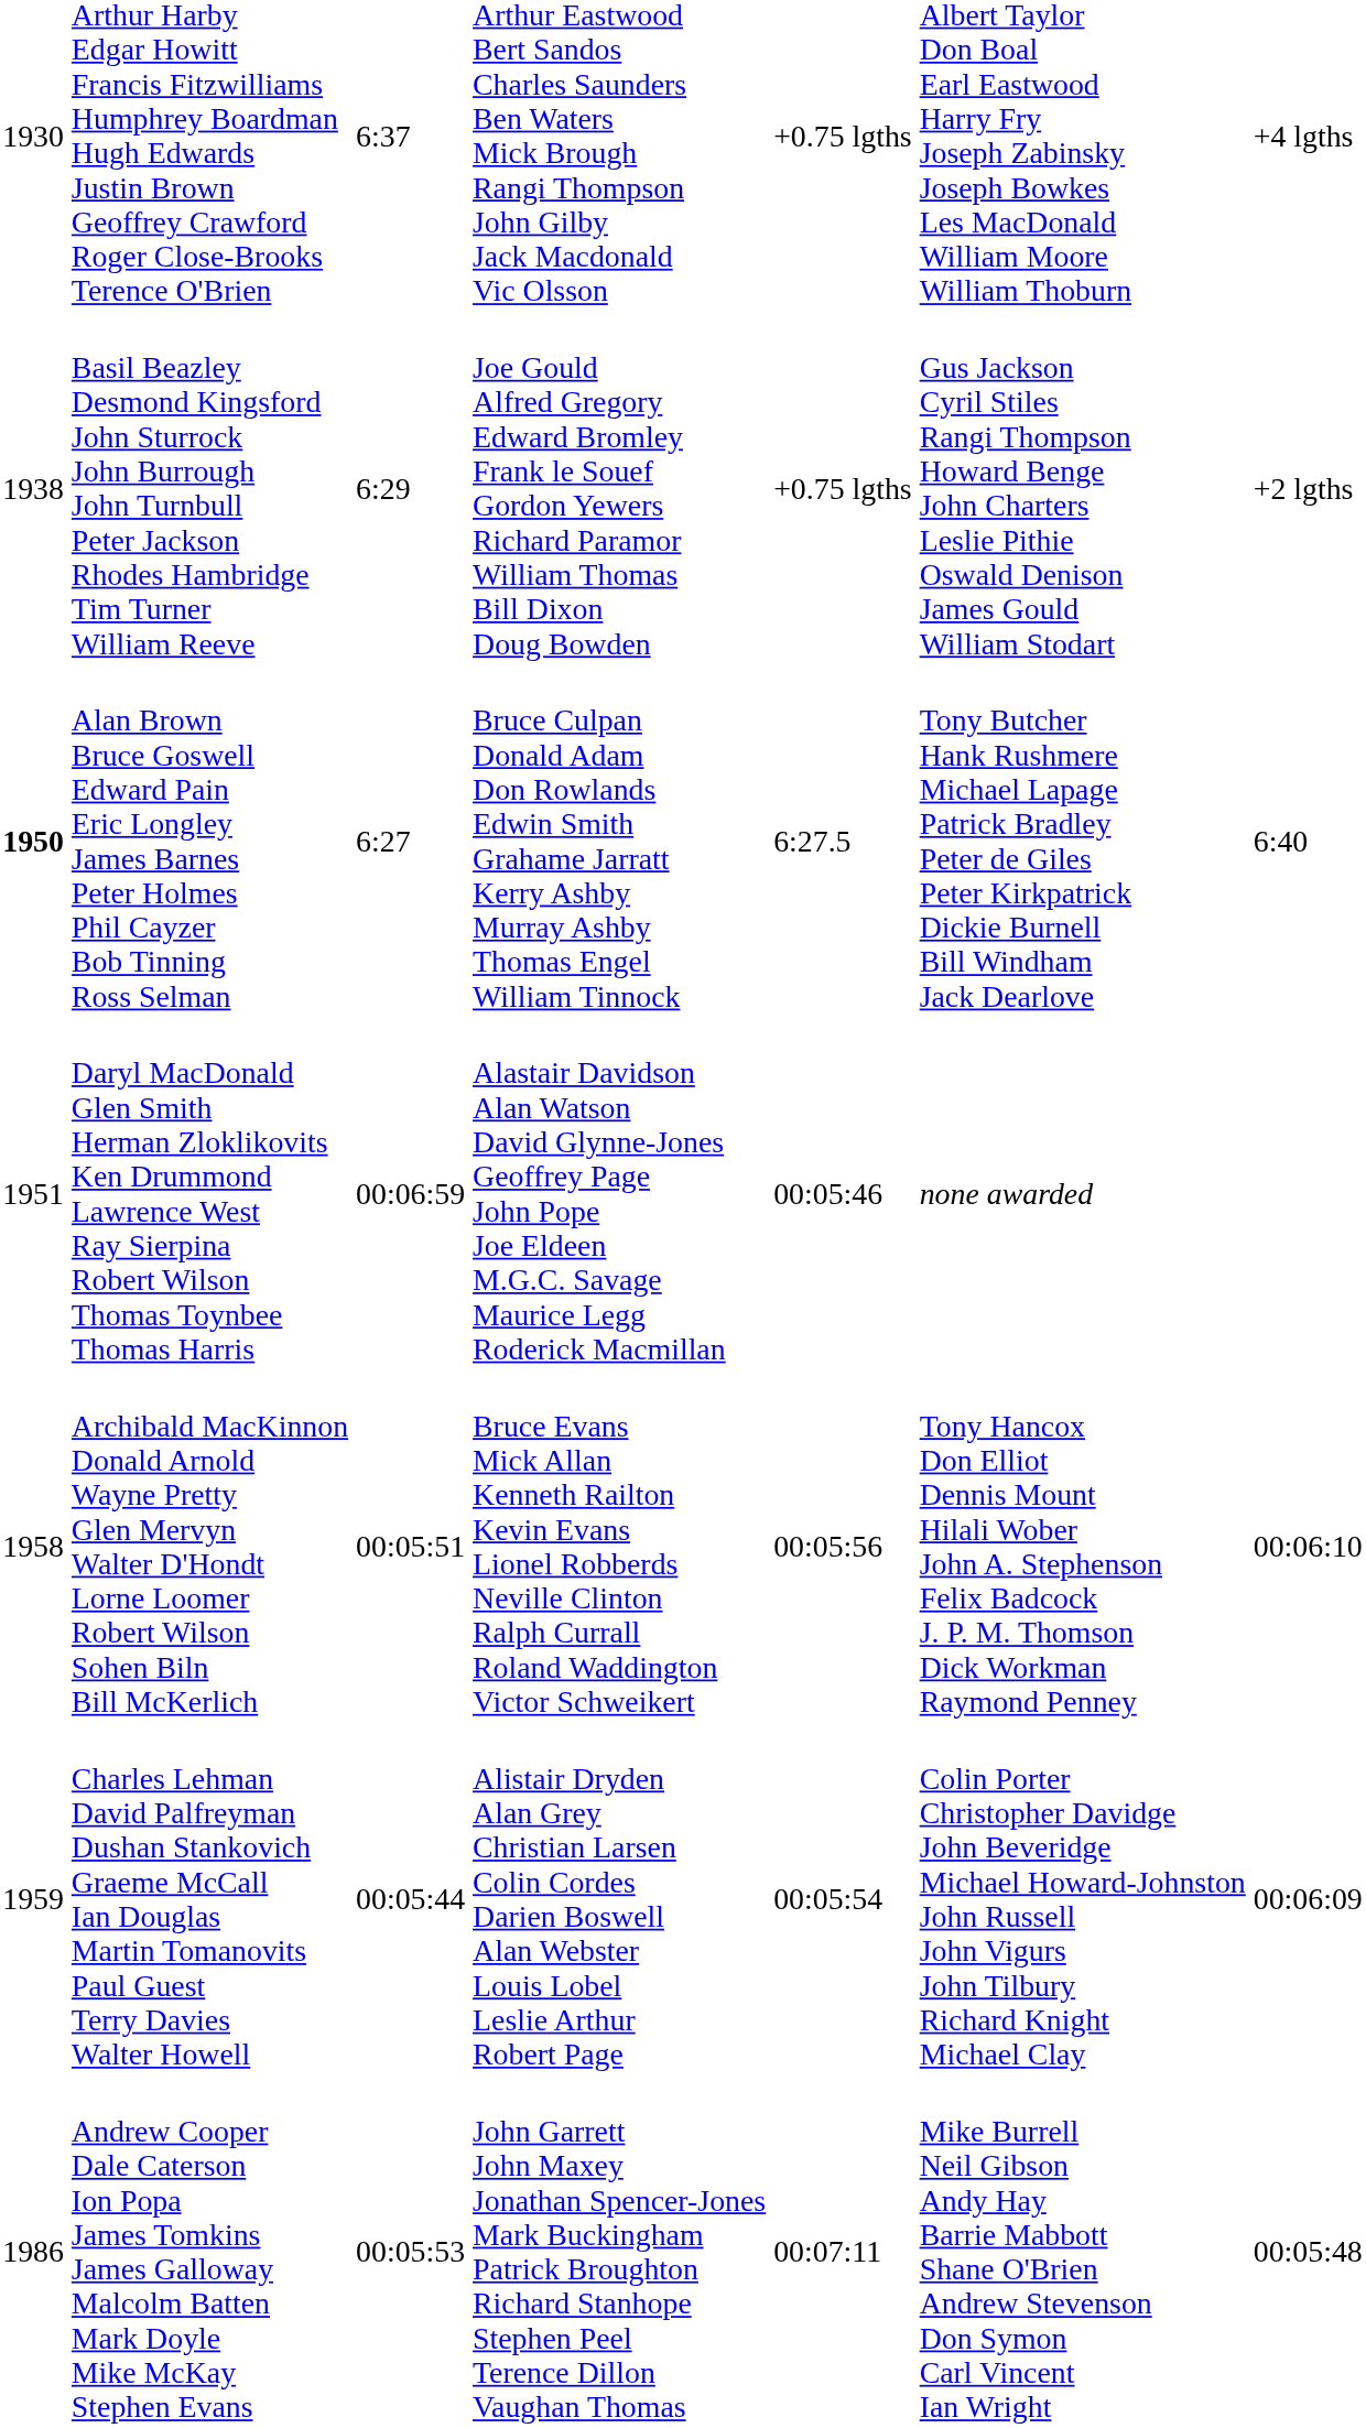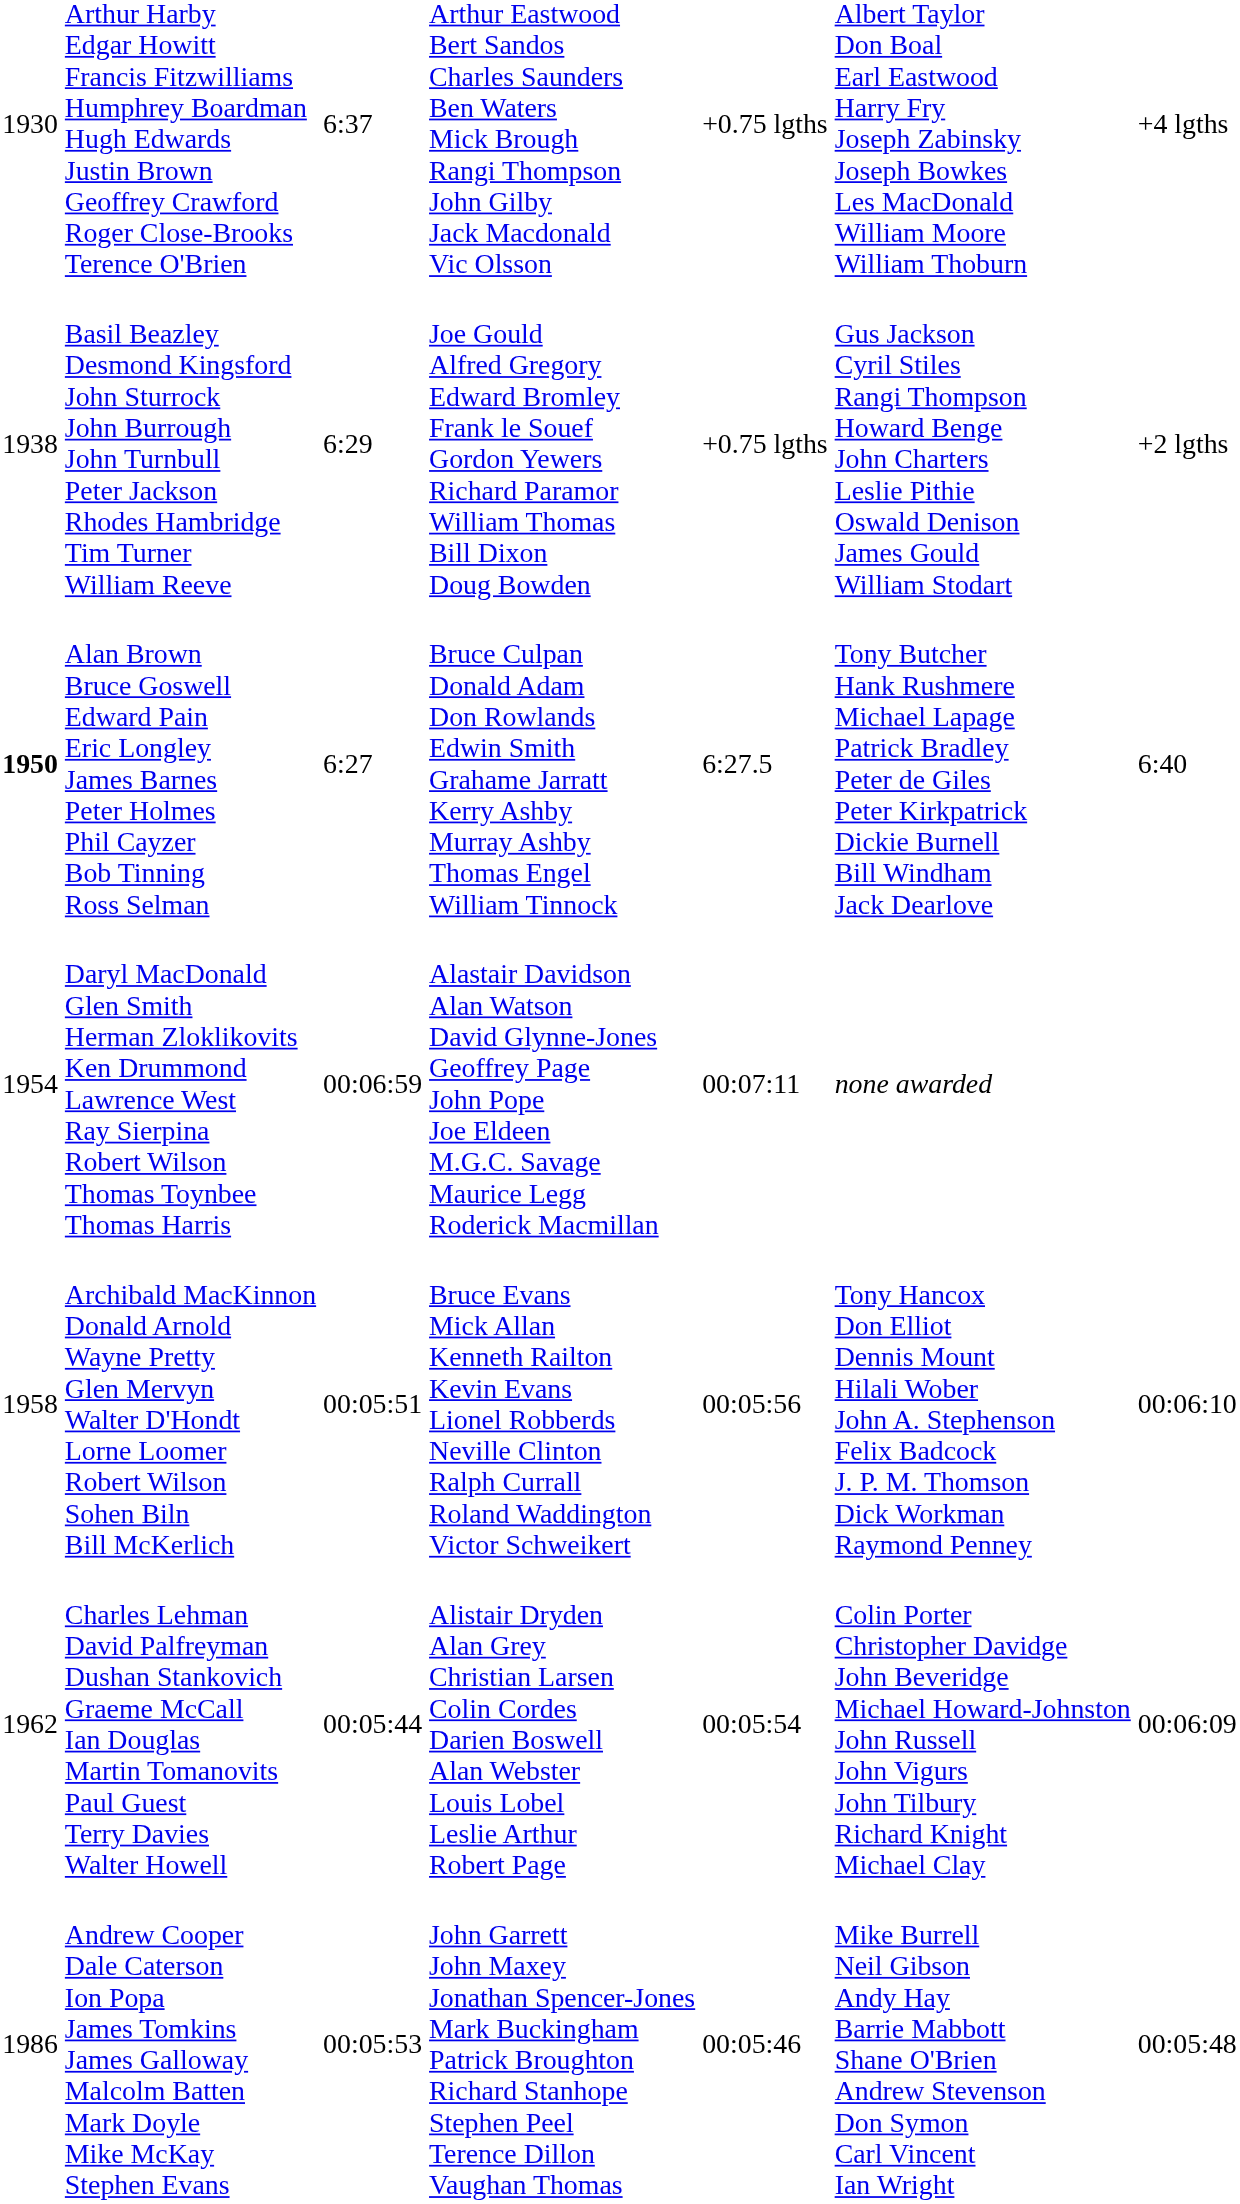 <table>
 <tr>
 <td>1930</td>
 <td><br><a href='#'>Arthur Harby</a><br><a href='#'>Edgar Howitt</a><br><a href='#'>Francis Fitzwilliams</a><br><a href='#'>Humphrey Boardman</a><br><a href='#'>Hugh Edwards</a><br><a href='#'>Justin Brown</a><br><a href='#'>Geoffrey Crawford</a><br><a href='#'>Roger Close-Brooks</a><br><a href='#'>Terence O'Brien</a></td>
 <td>6:37</td>
 <td><br><a href='#'>Arthur Eastwood</a><br><a href='#'>Bert Sandos</a><br><a href='#'>Charles Saunders</a><br><a href='#'>Ben Waters</a><br><a href='#'>Mick Brough</a><br><a href='#'>Rangi Thompson</a><br><a href='#'>John Gilby</a><br><a href='#'>Jack Macdonald</a><br><a href='#'>Vic Olsson</a></td>
 <td>+0.75 lgths</td>
 <td><br><a href='#'>Albert Taylor</a><br><a href='#'>Don Boal</a><br><a href='#'>Earl Eastwood</a><br><a href='#'>Harry Fry</a><br><a href='#'>Joseph Zabinsky</a><br><a href='#'>Joseph Bowkes</a><br><a href='#'>Les MacDonald</a><br><a href='#'>William Moore</a><br><a href='#'>William Thoburn</a></td>
 <td>+4 lgths</td>
 </tr>
 <tr>
 <td>1938</td>
 <td><br><a href='#'>Basil Beazley</a><br><a href='#'>Desmond Kingsford</a><br><a href='#'>John Sturrock</a><br><a href='#'>John Burrough</a><br><a href='#'>John Turnbull</a><br><a href='#'>Peter Jackson</a><br><a href='#'>Rhodes Hambridge</a><br><a href='#'>Tim Turner</a><br><a href='#'>William Reeve</a></td>
 <td>6:29</td>
 <td><br><a href='#'>Joe Gould</a><br><a href='#'>Alfred Gregory</a><br><a href='#'>Edward Bromley</a><br><a href='#'>Frank le Souef</a><br><a href='#'>Gordon Yewers</a><br><a href='#'>Richard Paramor</a><br><a href='#'>William Thomas</a><br><a href='#'>Bill Dixon</a><br><a href='#'>Doug Bowden</a></td>
 <td>+0.75 lgths</td>
 <td><br><a href='#'>Gus Jackson</a><br><a href='#'>Cyril Stiles</a><br><a href='#'>Rangi Thompson</a><br><a href='#'>Howard Benge</a><br><a href='#'>John Charters</a><br><a href='#'>Leslie Pithie</a><br><a href='#'>Oswald Denison</a><br><a href='#'>James Gould</a><br><a href='#'>William Stodart</a></td>
 <td>+2 lgths</td>
 </tr>
 <tr>
 <td><strong>1950</strong></td>
 <td><br><a href='#'>Alan Brown</a><br><a href='#'>Bruce Goswell</a><br><a href='#'>Edward Pain</a><br><a href='#'>Eric Longley</a><br><a href='#'>James Barnes</a><br><a href='#'>Peter Holmes</a><br><a href='#'>Phil Cayzer</a><br><a href='#'>Bob Tinning</a><br><a href='#'>Ross Selman</a></td>
 <td>6:27</td>
 <td><br><a href='#'>Bruce Culpan</a><br><a href='#'>Donald Adam</a><br><a href='#'>Don Rowlands</a><br><a href='#'>Edwin Smith</a><br><a href='#'>Grahame Jarratt</a><br><a href='#'>Kerry Ashby</a><br><a href='#'>Murray Ashby</a><br><a href='#'>Thomas Engel</a><br><a href='#'>William Tinnock</a></td>
 <td>6:27.5</td>
 <td><br><a href='#'>Tony Butcher</a><br><a href='#'>Hank Rushmere</a><br><a href='#'>Michael Lapage</a><br><a href='#'>Patrick Bradley</a><br><a href='#'>Peter de Giles</a><br><a href='#'>Peter Kirkpatrick</a><br><a href='#'>Dickie Burnell</a><br><a href='#'>Bill Windham</a><br><a href='#'>Jack Dearlove</a></td>
 <td>6:40</td>
 </tr>
 <tr>
-<td>1951</td>
+<td>1954</td>
 <td><br><a href='#'>Daryl MacDonald</a><br><a href='#'>Glen Smith</a><br><a href='#'>Herman Zloklikovits</a><br><a href='#'>Ken Drummond</a><br><a href='#'>Lawrence West</a><br><a href='#'>Ray Sierpina</a><br><a href='#'>Robert Wilson</a><br><a href='#'>Thomas Toynbee</a><br><a href='#'>Thomas Harris</a></td>
 <td>00:06:59</td>
 <td><br><a href='#'>Alastair Davidson</a><br><a href='#'>Alan Watson</a><br><a href='#'>David Glynne-Jones</a><br><a href='#'>Geoffrey Page</a><br><a href='#'>John Pope</a><br><a href='#'>Joe Eldeen</a><br><a href='#'>M.G.C. Savage</a><br><a href='#'>Maurice Legg</a><br><a href='#'>Roderick Macmillan</a></td>
-<td>00:05:46</td>
+<td>00:07:11</td>
 <td><em>none awarded</em></td>
 <td></td>
 </tr>
 <tr>
 <td>1958</td>
 <td><br><a href='#'>Archibald MacKinnon</a><br><a href='#'>Donald Arnold</a><br><a href='#'>Wayne Pretty</a><br><a href='#'>Glen Mervyn</a><br><a href='#'>Walter D'Hondt</a><br><a href='#'>Lorne Loomer</a><br><a href='#'>Robert Wilson</a><br><a href='#'>Sohen Biln</a><br><a href='#'>Bill McKerlich</a></td>
 <td>00:05:51</td>
 <td><br><a href='#'>Bruce Evans</a><br><a href='#'>Mick Allan</a><br><a href='#'>Kenneth Railton</a><br><a href='#'>Kevin Evans</a><br><a href='#'>Lionel Robberds</a><br><a href='#'>Neville Clinton</a><br><a href='#'>Ralph Currall</a><br><a href='#'>Roland Waddington</a><br><a href='#'>Victor Schweikert</a></td>
 <td>00:05:56</td>
 <td><br><a href='#'>Tony Hancox</a><br><a href='#'>Don Elliot</a><br><a href='#'>Dennis Mount</a><br><a href='#'>Hilali Wober</a><br><a href='#'>John A. Stephenson</a><br><a href='#'>Felix Badcock</a><br><a href='#'>J. P. M. Thomson</a><br><a href='#'>Dick Workman</a><br><a href='#'>Raymond Penney</a></td>
 <td>00:06:10</td>
 </tr>
 <tr>
-<td>1959</td>
+<td>1962</td>
 <td><br><a href='#'>Charles Lehman</a><br><a href='#'>David Palfreyman</a><br><a href='#'>Dushan Stankovich</a><br><a href='#'>Graeme McCall</a><br><a href='#'>Ian Douglas</a><br><a href='#'>Martin Tomanovits</a><br><a href='#'>Paul Guest</a><br><a href='#'>Terry Davies</a><br><a href='#'>Walter Howell</a></td>
 <td>00:05:44</td>
 <td><br><a href='#'>Alistair Dryden</a><br><a href='#'>Alan Grey</a><br><a href='#'>Christian Larsen</a><br><a href='#'>Colin Cordes</a><br><a href='#'>Darien Boswell</a><br><a href='#'>Alan Webster</a><br><a href='#'>Louis Lobel</a><br><a href='#'>Leslie Arthur</a><br><a href='#'>Robert Page</a></td>
 <td>00:05:54</td>
 <td><br><a href='#'>Colin Porter</a><br><a href='#'>Christopher Davidge</a><br><a href='#'>John Beveridge</a><br><a href='#'>Michael Howard-Johnston</a><br><a href='#'>John Russell</a><br><a href='#'>John Vigurs</a><br><a href='#'>John Tilbury</a><br><a href='#'>Richard Knight</a><br><a href='#'>Michael Clay</a></td>
 <td>00:06:09</td>
 </tr>
 <tr>
 <td>1986</td>
 <td><br><a href='#'>Andrew Cooper</a><br><a href='#'>Dale Caterson</a><br><a href='#'>Ion Popa</a><br><a href='#'>James Tomkins</a><br><a href='#'>James Galloway</a><br><a href='#'>Malcolm Batten</a><br><a href='#'>Mark Doyle</a><br><a href='#'>Mike McKay</a><br><a href='#'>Stephen Evans</a></td>
 <td>00:05:53</td>
 <td><br><a href='#'>John Garrett</a><br><a href='#'>John Maxey</a><br><a href='#'>Jonathan Spencer-Jones</a><br><a href='#'>Mark Buckingham</a><br><a href='#'>Patrick Broughton</a><br><a href='#'>Richard Stanhope</a><br><a href='#'>Stephen Peel</a><br><a href='#'>Terence Dillon</a><br><a href='#'>Vaughan Thomas</a></td>
-<td>00:07:11</td>
+<td>00:05:46</td>
 <td><br><a href='#'>Mike Burrell</a><br><a href='#'>Neil Gibson</a><br><a href='#'>Andy Hay</a><br><a href='#'>Barrie Mabbott</a><br><a href='#'>Shane O'Brien</a><br><a href='#'>Andrew Stevenson</a><br><a href='#'>Don Symon</a><br><a href='#'>Carl Vincent</a><br><a href='#'>Ian Wright</a></td>
 <td>00:05:48</td>
 </tr>
 </table>
